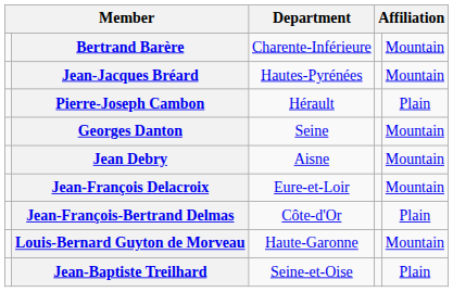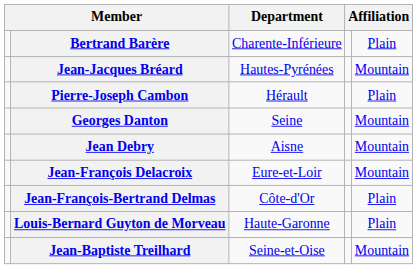 <table class="wikitable" style="line-height:1.4em; text-align:center">
 <tr>
 <th colspan=2>Member</th>
 <th>Department</th>
 <th colspan=2>Affiliation</th>
 </tr>
 <tr>
 <td></td>
 <th><a href='#'>Bertrand Barère</a></th>
 <td><a href='#'>Charente-Inférieure</a></td>
 <td></td>
-<td><a href='#'>Mountain</a></td>
+<td><a href='#'>Plain</a></td>
 </tr>
 <tr>
 <td></td>
 <th><a href='#'>Jean-Jacques Bréard</a></th>
 <td><a href='#'>Hautes-Pyrénées</a></td>
 <td></td>
 <td><a href='#'>Mountain</a></td>
 </tr>
 <tr>
 <td></td>
 <th><a href='#'>Pierre-Joseph Cambon</a></th>
 <td><a href='#'>Hérault</a></td>
 <td></td>
 <td><a href='#'>Plain</a></td>
 </tr>
 <tr>
 <td></td>
 <th><a href='#'>Georges Danton</a></th>
 <td><a href='#'>Seine</a></td>
 <td></td>
 <td><a href='#'>Mountain</a></td>
 </tr>
 <tr>
 <td></td>
 <th><a href='#'>Jean Debry</a></th>
 <td><a href='#'>Aisne</a></td>
 <td></td>
 <td><a href='#'>Mountain</a></td>
 </tr>
 <tr>
 <td></td>
 <th><a href='#'>Jean-François Delacroix</a></th>
 <td><a href='#'>Eure-et-Loir</a></td>
 <td></td>
 <td><a href='#'>Mountain</a></td>
 </tr>
 <tr>
 <td></td>
 <th><a href='#'>Jean-François-Bertrand Delmas</a></th>
 <td><a href='#'>Côte-d'Or</a></td>
 <td></td>
 <td><a href='#'>Plain</a></td>
 </tr>
 <tr>
 <td></td>
 <th><a href='#'>Louis-Bernard Guyton de Morveau</a></th>
 <td><a href='#'>Haute-Garonne</a></td>
 <td></td>
-<td><a href='#'>Mountain</a></td>
+<td><a href='#'>Plain</a></td>
 </tr>
 <tr>
 <td></td>
 <th><a href='#'>Jean-Baptiste Treilhard</a></th>
 <td><a href='#'>Seine-et-Oise</a></td>
 <td></td>
-<td><a href='#'>Plain</a></td>
+<td><a href='#'>Mountain</a></td>
 </tr>
 </table>
